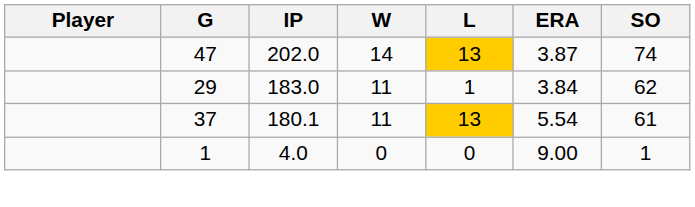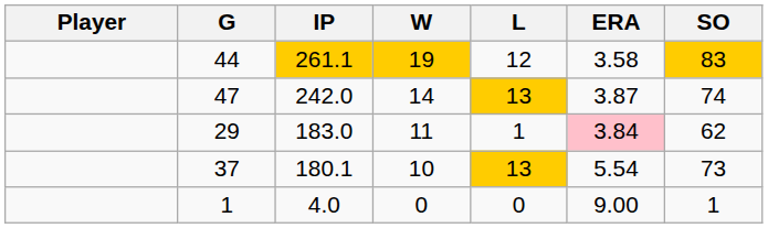 <table class="wikitable sortable">
 <tr>
 <th bgcolor="#DDDDFF" width="16%">Player</th>
 <th bgcolor="#DDDDFF" width="9%">G</th>
 <th bgcolor="#DDDDFF" width="9%">IP</th>
 <th bgcolor="#DDDDFF" width="9%">W</th>
 <th bgcolor="#DDDDFF" width="9%">L</th>
 <th bgcolor="#DDDDFF" width="9%">ERA</th>
 <th bgcolor="#DDDDFF" width="9%">SO</th>
 </tr>
 <tr align="center">
 <td></td>
+<td>44</td>
+<td style="background:#fc0;">261.1</td>
+<td style="background:#fc0;">19</td>
+<td>12</td>
+<td>3.58</td>
+<td style="background:#fc0;">83</td>
+</tr>
+<tr align="center">
+<td></td>
 <td>47</td>
-<td>202.0</td>
+<td>242.0</td>
 <td>14</td>
 <td style="background:#fc0;">13</td>
 <td>3.87</td>
 <td>74</td>
 </tr>
 <tr align="center">
 <td></td>
 <td>29</td>
 <td>183.0</td>
 <td>11</td>
 <td>1</td>
-<td>3.84</td>
+<td style="background: pink;">3.84</td>
 <td>62</td>
 </tr>
 <tr align="center">
 <td></td>
 <td>37</td>
 <td>180.1</td>
-<td>11</td>
+<td>10</td>
 <td style="background:#fc0;">13</td>
 <td>5.54</td>
-<td>61</td>
+<td>73</td>
 </tr>
 <tr align="center">
 <td></td>
 <td>1</td>
 <td>4.0</td>
 <td>0</td>
 <td>0</td>
 <td>9.00</td>
 <td>1</td>
 </tr>
 </table>
